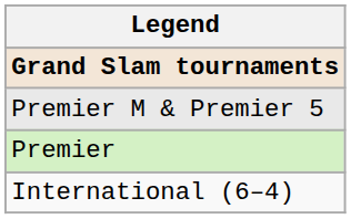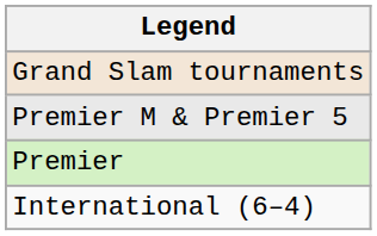 <table class=wikitable style=font-size:90%>
 <tr>
 <th>Legend</th>
 </tr>
 <tr>
-<td style="background:#f3e6d7;"><strong>Grand Slam tournaments</strong></td>
+<td style="background:#f3e6d7;">Grand Slam tournaments</td>
 </tr>
 <tr>
 <td style="background:#e9e9e9;">Premier M & Premier 5</td>
 </tr>
 <tr>
 <td style="background:#d4f1c5;">Premier</td>
 </tr>
 <tr>
 <td>International (6–4)</td>
 </tr>
 </table>
